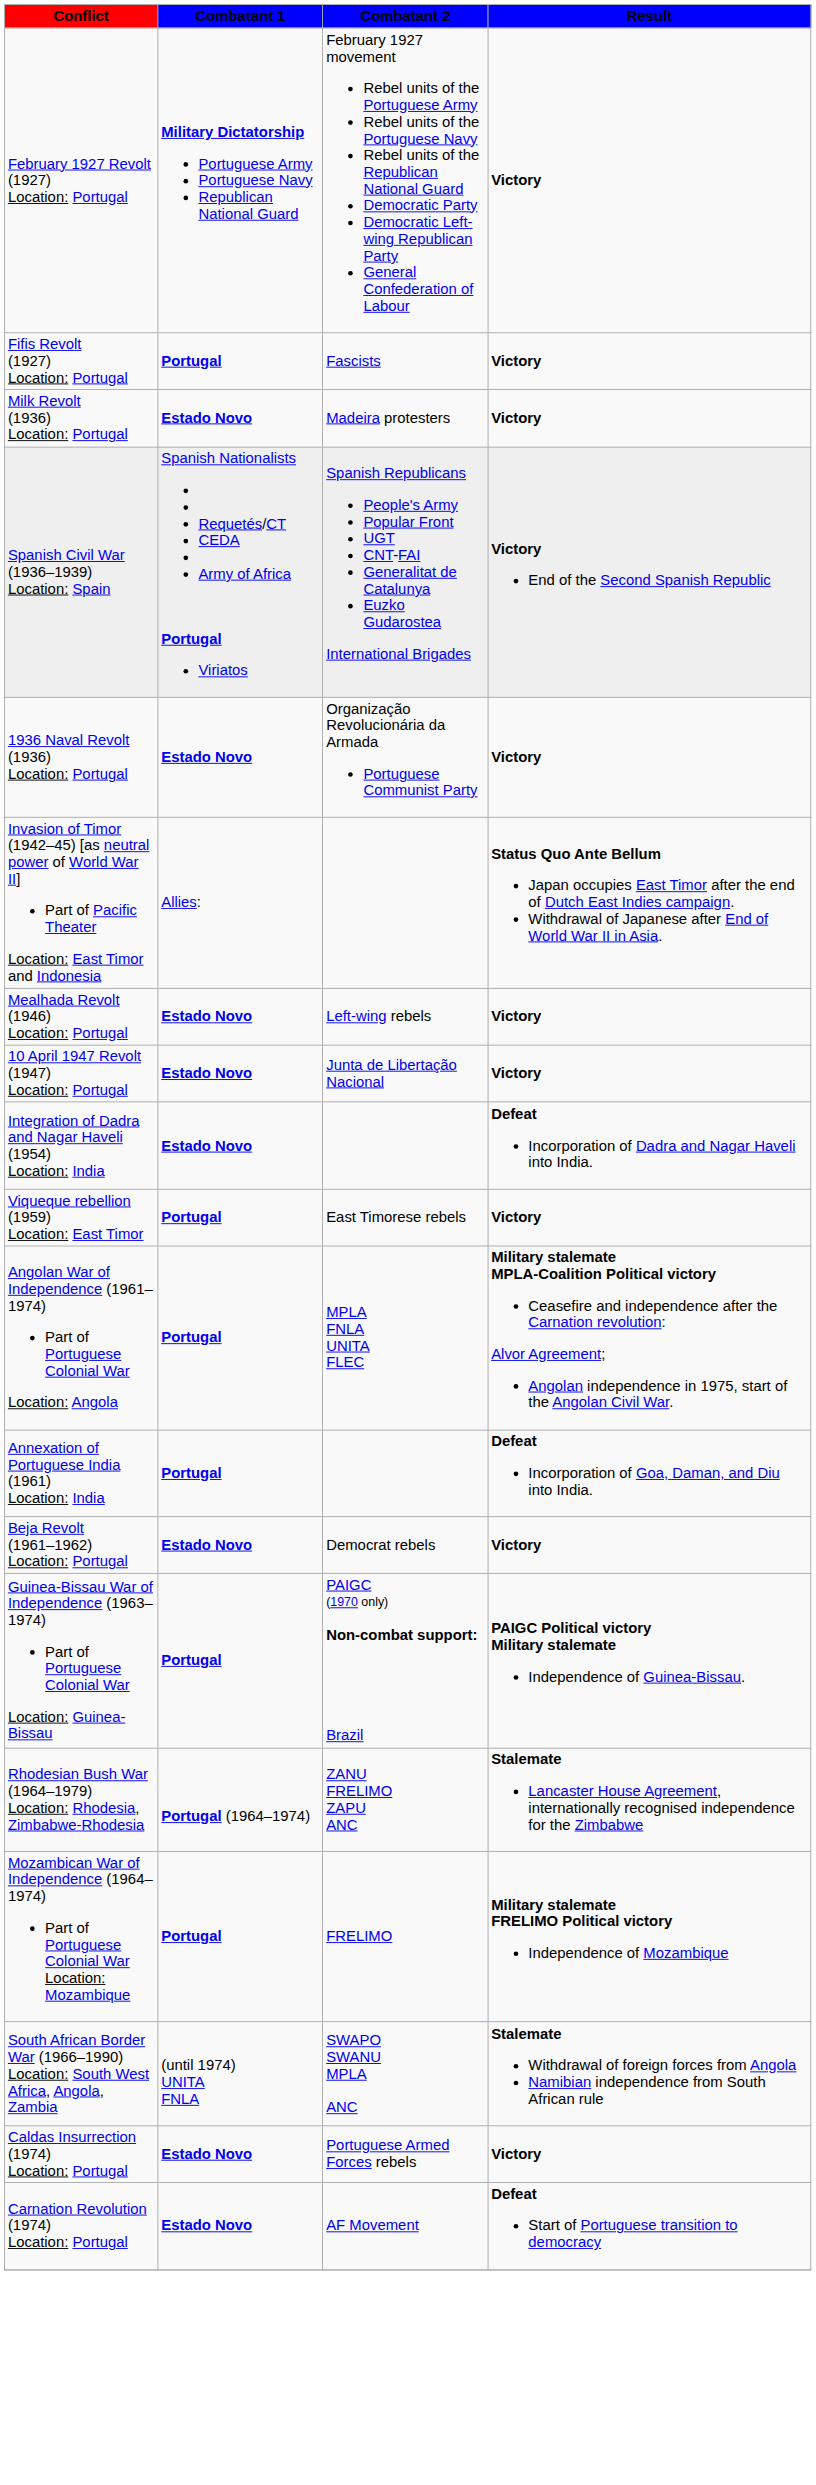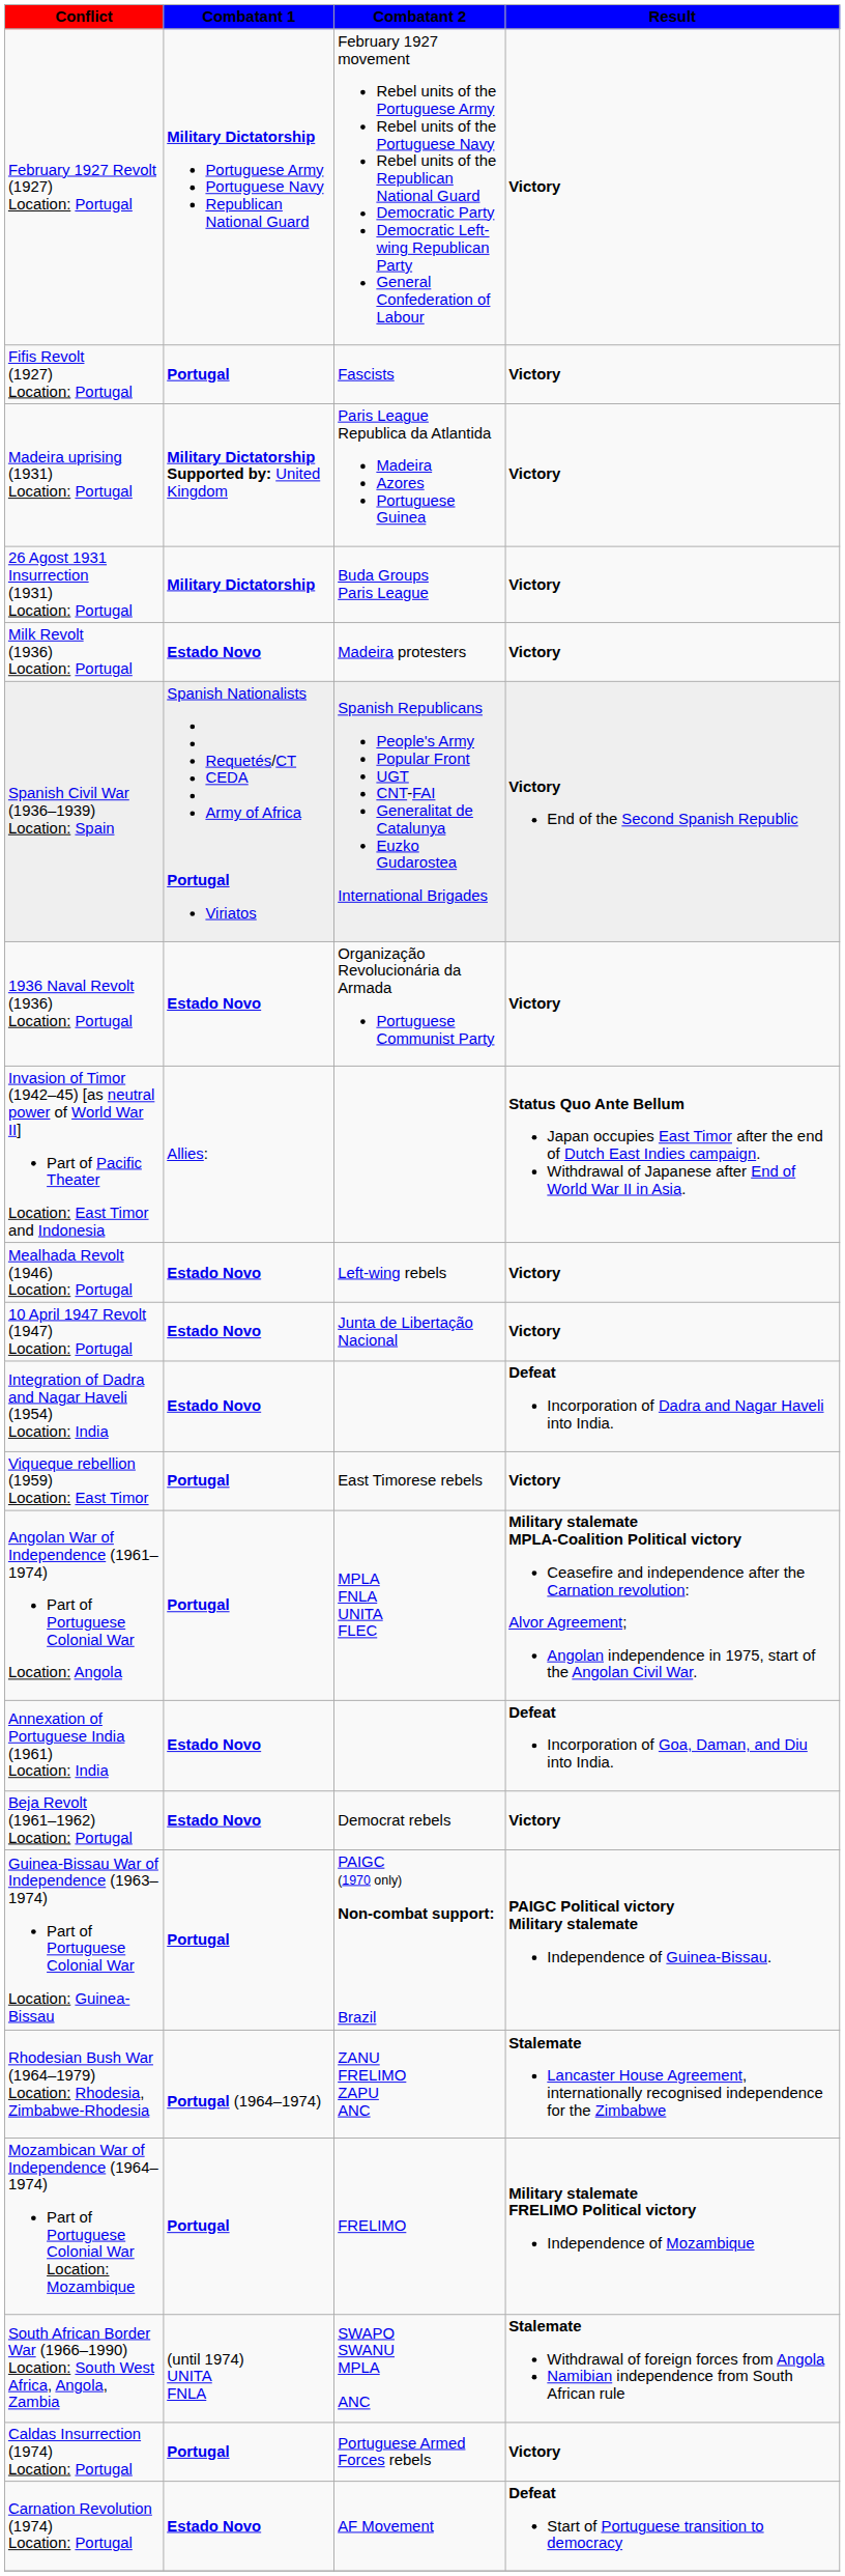 <table class="wikitable">
 <tr>
 <th style="background-color:red;" rowspan="1"><span>Conflict</span></th>
 <th style="background-color:blue;" rowspan="1" width=170px><span>Combatant 1</span></th>
 <th style="background-color:blue;" rowspan="1" width=170px><span>Combatant 2</span></th>
 <th style="background-color:blue;" rowspan="1" width=340px><span>Result</span></th>
 </tr>
 <tr>
 <td><a href='#'>February 1927 Revolt</a><br>(1927)<br><u>Location:</u> <a href='#'>Portugal</a></td>
 <td><strong> <a href='#'>Military Dictatorship</a></strong><br><ul><li><a href='#'>Portuguese Army</a></li><li><a href='#'>Portuguese Navy</a></li><li><a href='#'>Republican National Guard</a></li></ul></td>
 <td> February 1927 movement<br><ul><li>Rebel units of the <a href='#'>Portuguese Army</a></li><li>Rebel units of the <a href='#'>Portuguese Navy</a></li><li>Rebel units of the <a href='#'>Republican National Guard</a></li><li><a href='#'>Democratic Party</a></li><li><a href='#'>Democratic Left-wing Republican Party</a></li><li><a href='#'>General Confederation of Labour</a></li></ul></td>
 <td><strong>Victory</strong></td>
 </tr>
 <tr>
 <td><a href='#'>Fifis Revolt</a><br>(1927)<br><u>Location:</u> <a href='#'>Portugal</a></td>
 <td> <strong><a href='#'>Portugal</a></strong></td>
 <td><a href='#'>Fascists</a></td>
+<td><strong>Victory</strong></td>
+</tr>
+<tr>
+<td><a href='#'>Madeira uprising</a><br>(1931)<br><u>Location:</u> <a href='#'>Portugal</a></td>
+<td><strong> <a href='#'>Military Dictatorship</a></strong><br><strong>Supported by:</strong> <a href='#'>United Kingdom</a></td>
+<td><a href='#'>Paris League</a><br>Republica da Atlantida<ul><li><a href='#'>Madeira</a></li><li><a href='#'>Azores</a></li><li><a href='#'>Portuguese Guinea</a></li></ul></td>
+<td><strong>Victory</strong></td>
+</tr>
+<tr>
+<td><a href='#'>26 Agost 1931 Insurrection</a><br>(1931)<br><u>Location:</u> <a href='#'>Portugal</a></td>
+<td><strong> <a href='#'>Military Dictatorship</a></strong></td>
+<td><a href='#'>Buda Groups</a><br><a href='#'>Paris League</a></td>
 <td><strong>Victory</strong></td>
 </tr>
 <tr>
 <td><a href='#'>Milk Revolt</a><br>(1936)<br><u>Location:</u> <a href='#'>Portugal</a></td>
 <td><strong> <a href='#'>Estado Novo</a></strong></td>
 <td><a href='#'>Madeira</a> protesters</td>
 <td><strong>Victory</strong></td>
 </tr>
 <tr>
 <td style="background:#efefef"><a href='#'>Spanish Civil War</a><br>(1936–1939)<br><u>Location:</u> <a href='#'>Spain</a></td>
 <td style="background:#efefef"> <a href='#'>Spanish Nationalists</a><br><ul><li></li><li></li><li><a href='#'>Requetés</a>/<a href='#'>CT</a></li><li> <a href='#'>CEDA</a></li><li></li><li> <a href='#'>Army of Africa</a></li></ul><br><br><strong> <a href='#'>Portugal</a></strong><ul><li> <a href='#'>Viriatos</a></li></ul></td>
 <td style="background:#efefef"> <a href='#'>Spanish Republicans</a><br><ul><li> <a href='#'>People's Army</a></li><li> <a href='#'>Popular Front</a></li><li> <a href='#'>UGT</a></li><li> <a href='#'>CNT</a>-<a href='#'>FAI</a></li><li> <a href='#'>Generalitat de Catalunya</a></li><li> <a href='#'>Euzko Gudarostea</a></li></ul> <a href='#'>International Brigades</a> <br><br> </td>
 <td style="background:#efefef"><strong>Victory</strong><br><ul><li>End of the <a href='#'>Second Spanish Republic</a></li></ul></td>
 </tr>
 <tr>
 <td><a href='#'>1936 Naval Revolt</a><br>(1936)<br><u>Location:</u> <a href='#'>Portugal</a></td>
 <td><strong> <a href='#'>Estado Novo</a></strong></td>
 <td> Organização Revolucionária da Armada<br><ul><li><a href='#'>Portuguese Communist Party</a></li></ul></td>
 <td><strong>Victory</strong></td>
 </tr>
 <tr>
 <td><a href='#'>Invasion of Timor</a><br>(1942–45) [as <a href='#'>neutral power</a> of <a href='#'>World War II</a>]<ul><li>Part of <a href='#'>Pacific Theater</a></li></ul><u>Location:</u> <a href='#'>East Timor</a> and <a href='#'>Indonesia</a></td>
 <td><a href='#'>Allies</a>:<br><strong></strong></td>
 <td><br></td>
 <td><strong>Status Quo Ante Bellum</strong><br><ul><li>Japan occupies <a href='#'>East Timor</a> after the end of <a href='#'>Dutch East Indies campaign</a>.</li><li>Withdrawal of Japanese after <a href='#'>End of World War II in Asia</a>.</li></ul></td>
 </tr>
 <tr>
 <td><a href='#'>Mealhada Revolt</a><br>(1946)<br><u>Location:</u> <a href='#'>Portugal</a></td>
 <td><strong> <a href='#'>Estado Novo</a></strong></td>
 <td><a href='#'>Left-wing</a> rebels</td>
 <td><strong>Victory</strong></td>
 </tr>
 <tr>
 <td><a href='#'>10 April 1947 Revolt</a><br>(1947)<br><u>Location:</u> <a href='#'>Portugal</a></td>
 <td><strong> <a href='#'>Estado Novo</a></strong></td>
 <td><a href='#'>Junta de Libertação Nacional</a></td>
 <td><strong>Victory</strong></td>
 </tr>
 <tr>
 <td><a href='#'>Integration of Dadra and Nagar Haveli</a><br>(1954)<br><u>Location:</u> <a href='#'>India</a></td>
 <td><strong> <a href='#'>Estado Novo</a></strong></td>
 <td></td>
 <td><strong>Defeat</strong><br><ul><li>Incorporation of <a href='#'>Dadra and Nagar Haveli</a> into India.</li></ul></td>
 </tr>
 <tr>
 <td><a href='#'>Viqueque rebellion</a><br>(1959)<br><u>Location:</u> <a href='#'>East Timor</a></td>
 <td><strong> <a href='#'>Portugal</a></strong></td>
 <td>East Timorese rebels</td>
 <td><strong>Victory</strong></td>
 </tr>
 <tr>
 <td><a href='#'>Angolan War of Independence</a> (1961–1974)<br><ul><li>Part of <a href='#'>Portuguese Colonial War</a></li></ul><u>Location:</u> <a href='#'>Angola</a></td>
 <td> <strong><a href='#'>Portugal</a></strong></td>
 <td> <a href='#'>MPLA</a> <br>  <a href='#'>FNLA</a> <br> <a href='#'>UNITA</a><br> <a href='#'>FLEC</a></td>
 <td><strong>Military stalemate </strong><br><strong>MPLA-Coalition Political victory</strong><br><ul><li>Ceasefire and independence after the <a href='#'>Carnation revolution</a>:</li></ul><a href='#'>Alvor Agreement</a>;<ul><li><a href='#'>Angolan</a> independence in 1975, start of the <a href='#'>Angolan Civil War</a>.</li></ul></td>
 </tr>
 <tr>
 <td><a href='#'>Annexation of Portuguese India</a><br>(1961)<br><u>Location:</u> <a href='#'>India</a></td>
-<td> <strong><a href='#'>Portugal</a></strong></td>
+<td><strong> <a href='#'>Estado Novo</a></strong></td>
 <td></td>
 <td><strong>Defeat</strong><br><ul><li>Incorporation of <a href='#'>Goa, Daman, and Diu</a> into India.</li></ul></td>
 </tr>
 <tr>
 <td><a href='#'>Beja Revolt</a><br>(1961–1962)<br><u>Location:</u> <a href='#'>Portugal</a></td>
 <td><strong> <a href='#'>Estado Novo</a></strong></td>
 <td>Democrat rebels</td>
 <td><strong>Victory</strong></td>
 </tr>
 <tr>
 <td><a href='#'>Guinea-Bissau War of Independence</a> (1963–1974)<br><ul><li>Part of <a href='#'>Portuguese Colonial War</a></li></ul><u>Location:</u> <a href='#'>Guinea-Bissau</a></td>
 <td> <strong><a href='#'>Portugal</a></strong></td>
 <td> <a href='#'>PAIGC</a><br> <small>(<a href='#'>1970</a> only)</small> <br> <br><strong>Non-combat support:</strong><br> <br> <br> <br>  <br>  <br>  <a href='#'>Brazil</a></td>
 <td><strong>PAIGC Political victory</strong><br><strong>Military stalemate</strong><br><ul><li>Independence of <a href='#'>Guinea-Bissau</a>.</li></ul></td>
 </tr>
 <tr>
 <td><a href='#'>Rhodesian Bush War</a> (1964–1979) <u>Location:</u> <a href='#'>Rhodesia</a>, <a href='#'>Zimbabwe-Rhodesia</a></td>
 <td><br><br> <strong><a href='#'>Portugal</a></strong> (1964–1974)</td>
 <td> <a href='#'>ZANU</a><br> <a href='#'>FRELIMO</a><br> <a href='#'>ZAPU</a><br> <a href='#'>ANC</a></td>
 <td><strong>Stalemate</strong><br><ul><li><a href='#'>Lancaster House Agreement</a>, internationally recognised independence for the <a href='#'>Zimbabwe</a></li></ul></td>
 </tr>
 <tr>
 <td><a href='#'>Mozambican War of Independence</a> (1964–1974)<br><ul><li>Part of <a href='#'>Portuguese Colonial War</a> <u>Location:</u> <a href='#'>Mozambique</a></li></ul></td>
 <td> <strong><a href='#'>Portugal</a></strong></td>
 <td> <a href='#'>FRELIMO</a></td>
 <td><strong>Military stalemate<br>FRELIMO Political victory </strong><br><ul><li>Independence of <a href='#'>Mozambique</a></li></ul></td>
 </tr>
 <tr>
 <td><a href='#'>South African Border War</a> (1966–1990) <u>Location:</u> <a href='#'>South West Africa</a>, <a href='#'>Angola</a>, <a href='#'>Zambia</a></td>
 <td><br><strong></strong> (until 1974)<br> <a href='#'>UNITA</a><br> <a href='#'>FNLA</a></td>
 <td> <a href='#'>SWAPO</a><br> <a href='#'>SWANU</a> <br>  <a href='#'>MPLA</a><br><br> <a href='#'>ANC</a><br></td>
 <td><strong>Stalemate</strong><br><ul><li>Withdrawal of foreign forces from <a href='#'>Angola</a></li><li><a href='#'>Namibian</a> independence from South African rule</li></ul></td>
 </tr>
 <tr>
 <td><a href='#'>Caldas Insurrection</a><br>(1974)<br><u>Location:</u> <a href='#'>Portugal</a></td>
-<td><strong> <a href='#'>Estado Novo</a></strong></td>
+<td> <strong><a href='#'>Portugal</a></strong></td>
 <td><a href='#'>Portuguese Armed Forces</a> rebels</td>
 <td><strong>Victory</strong></td>
 </tr>
 <tr>
 <td><a href='#'>Carnation Revolution</a><br>(1974)<br><u>Location:</u> <a href='#'>Portugal</a></td>
 <td><strong> <a href='#'>Estado Novo</a></strong></td>
 <td> <a href='#'>AF Movement</a></td>
 <td><strong>Defeat</strong><br><ul><li>Start of <a href='#'>Portuguese transition to democracy</a></li></ul></td>
 </tr>
 <tr>
 </tr>
 </table>
